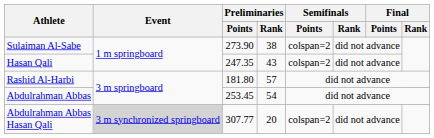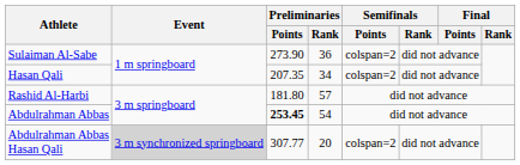 <table class="wikitable" style="text-align:center; font-size:90%">
 <tr>
 <th rowspan=2>Athlete</th>
 <th rowspan=2>Event</th>
 <th colspan=2>Preliminaries</th>
 <th colspan=2>Semifinals</th>
 <th colspan=2>Final</th>
 </tr>
 <tr style="font-size:95%">
 <th>Points</th>
 <th>Rank</th>
 <th>Points</th>
 <th>Rank</th>
 <th>Points</th>
 <th>Rank</th>
 </tr>
 <tr>
 <td align=left><a href='#'>Sulaiman Al-Sabe</a></td>
 <td align=left rowspan=2><a href='#'>1 m springboard</a></td>
 <td>273.90</td>
-<td>38</td>
+<td>36</td>
 <td>colspan=2 </td>
 <td colspan=2>did not advance</td>
 </tr>
 <tr>
 <td align=left><a href='#'>Hasan Qali</a></td>
-<td>247.35</td>
-<td>43</td>
+<td>207.35</td>
+<td>34</td>
 <td>colspan=2 </td>
 <td colspan=2>did not advance</td>
 </tr>
 <tr>
 <td align=left><a href='#'>Rashid Al-Harbi</a></td>
 <td align=left rowspan=2><a href='#'>3 m springboard</a></td>
 <td>181.80</td>
 <td>57</td>
 <td colspan=4>did not advance</td>
 </tr>
 <tr>
 <td align=left><a href='#'>Abdulrahman Abbas</a></td>
-<td>253.45</td>
+<td><strong>253.45</strong></td>
 <td>54</td>
 <td colspan=4>did not advance</td>
 </tr>
 <tr>
 <td align=left><a href='#'>Abdulrahman Abbas</a><br><a href='#'>Hasan Qali</a></td>
 <td align=left style="background: lightgrey;"><a href='#'>3 m synchronized springboard</a></td>
 <td>307.77</td>
 <td>20</td>
 <td>colspan=2 </td>
 <td colspan=2>did not advance</td>
 </tr>
 </table>
